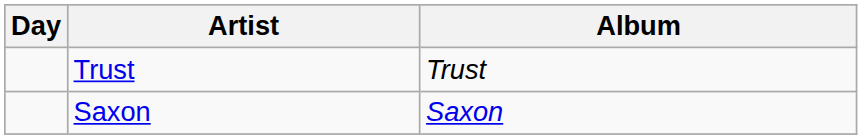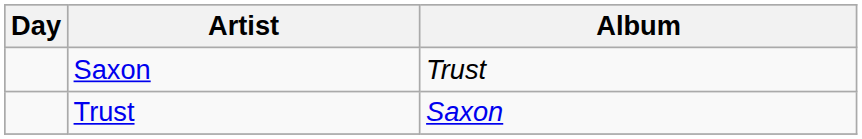 <table class="wikitable" border="1">
 <tr>
 <th>Day</th>
 <th width="200">Artist</th>
 <th width="250">Album</th>
 </tr>
 <tr>
 <td style="text-align:center;" rowspan="1"></td>
-<td><a href='#'>Trust</a></td>
+<td><a href='#'>Saxon</a></td>
 <td><em>Trust</em></td>
 </tr>
 <tr>
 <td style="text-align:center;" rowspan="1"></td>
-<td><a href='#'>Saxon</a></td>
+<td><a href='#'>Trust</a></td>
 <td><em><a href='#'>Saxon</a></em></td>
 </tr>
 </table>
